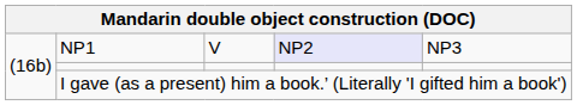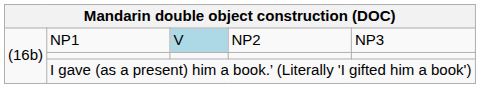 <table class="wikitable">
 <tr>
 <th colspan="6">Mandarin double object construction (DOC)</th>
 </tr>
 <tr>
 <td rowspan="4">(16b)</td>
 <td>NP1</td>
-<td>V</td>
-<td style="background: lavender;">NP2</td>
+<td style="background: lightblue;">V</td>
+<td>NP2</td>
 <td>NP3</td>
 </tr>
 <tr>
 <td></td>
 <td></td>
 <td></td>
 <td></td>
 </tr>
 <tr>
 <td colspan="5">I gave (as a present) him a book.’ (Literally 'I gifted him a book')</td>
 </tr>
 </table>
